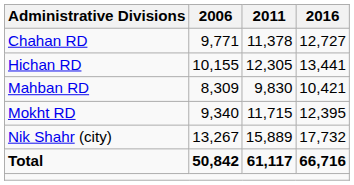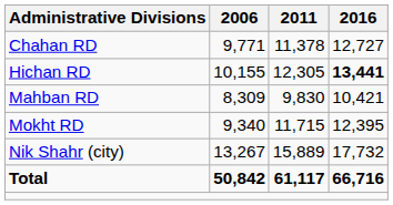 <table class="wikitable">
 <tr>
 <th>Administrative Divisions</th>
 <th>2006</th>
 <th>2011</th>
 <th>2016</th>
 </tr>
 <tr>
 <td><a href='#'>Chahan RD</a></td>
 <td style="text-align: right;">9,771</td>
 <td style="text-align: right;">11,378</td>
 <td style="text-align: right;">12,727</td>
 </tr>
 <tr>
 <td><a href='#'>Hichan RD</a></td>
 <td style="text-align: right;">10,155</td>
 <td style="text-align: right;">12,305</td>
-<td style="text-align: right;">13,441</td>
+<td style="text-align: right;"><strong>13,441</strong></td>
 </tr>
 <tr>
 <td><a href='#'>Mahban RD</a></td>
 <td style="text-align: right;">8,309</td>
 <td style="text-align: right;">9,830</td>
 <td style="text-align: right;">10,421</td>
 </tr>
 <tr>
 <td><a href='#'>Mokht RD</a></td>
 <td style="text-align: right;">9,340</td>
 <td style="text-align: right;">11,715</td>
 <td style="text-align: right;">12,395</td>
 </tr>
 <tr>
 <td><a href='#'>Nik Shahr</a> (city)</td>
 <td style="text-align: right;">13,267</td>
 <td style="text-align: right;">15,889</td>
 <td style="text-align: right;">17,732</td>
 </tr>
 <tr>
 <td><strong>Total</strong></td>
 <td style="text-align: right;"><strong>50,842</strong></td>
 <td style="text-align: right;"><strong>61,117</strong></td>
 <td style="text-align: right;"><strong>66,716</strong></td>
 </tr>
 <tr>
 <td colspan=4></td>
 </tr>
 </table>
